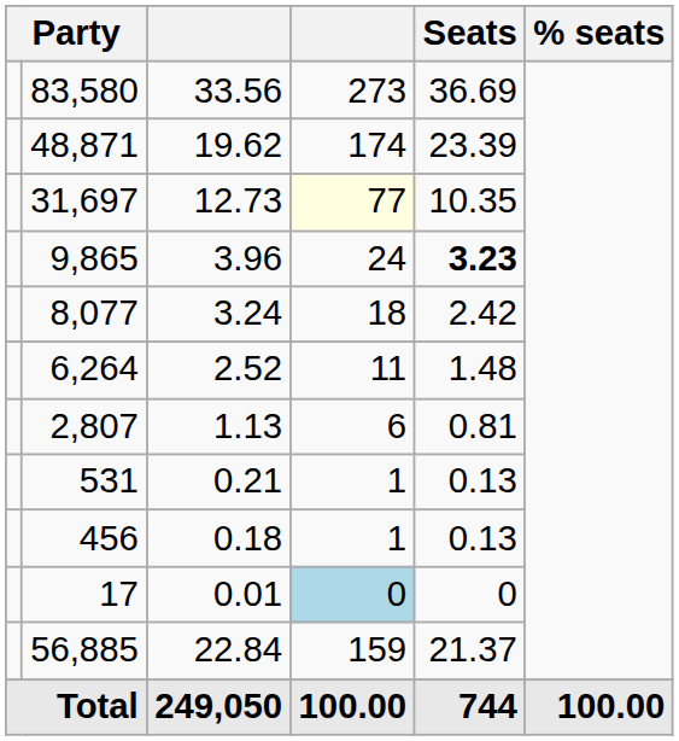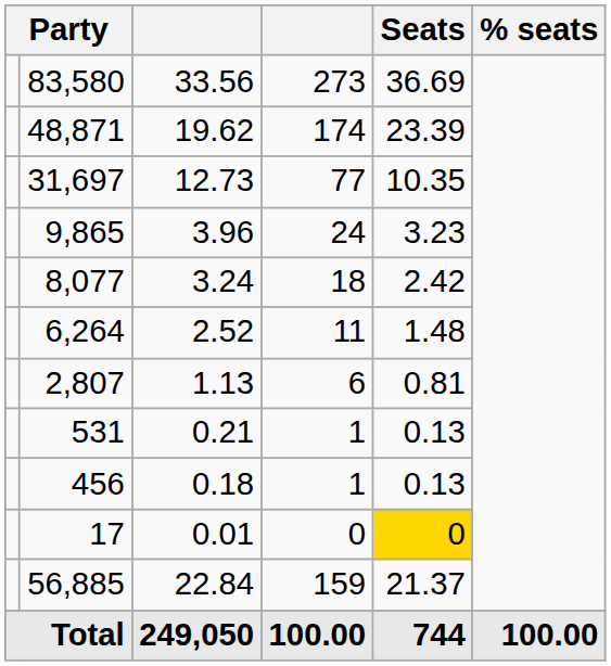 <table class="wikitable sortable" style="text-align: right;">
 <tr>
 <th colspan="2">Party</th>
 <th data-sort-type="number"></th>
 <th data-sort-type="number"></th>
 <th data-sort-type="number">Seats</th>
 <th data-sort-type="number">% seats</th>
 </tr>
 <tr>
 <td></td>
 <td>83,580</td>
 <td>33.56</td>
 <td>273</td>
 <td>36.69</td>
 </tr>
 <tr>
 <td></td>
 <td>48,871</td>
 <td>19.62</td>
 <td>174</td>
 <td>23.39</td>
 </tr>
 <tr>
 <td></td>
 <td>31,697</td>
 <td>12.73</td>
-<td style="background: lightyellow;">77</td>
+<td>77</td>
 <td>10.35</td>
 </tr>
 <tr>
 <td></td>
 <td>9,865</td>
 <td>3.96</td>
 <td>24</td>
-<td><strong>3.23</strong></td>
+<td>3.23</td>
 </tr>
 <tr>
 <td></td>
 <td>8,077</td>
 <td>3.24</td>
 <td>18</td>
 <td>2.42</td>
 </tr>
 <tr>
 <td></td>
 <td>6,264</td>
 <td>2.52</td>
 <td>11</td>
 <td>1.48</td>
 </tr>
 <tr>
 <td></td>
 <td>2,807</td>
 <td>1.13</td>
 <td>6</td>
 <td>0.81</td>
 </tr>
 <tr>
 <td></td>
 <td>531</td>
 <td>0.21</td>
 <td>1</td>
 <td>0.13</td>
 </tr>
 <tr>
 <td></td>
 <td>456</td>
 <td>0.18</td>
 <td>1</td>
 <td>0.13</td>
 </tr>
 <tr>
 <td></td>
 <td>17</td>
 <td>0.01</td>
-<td style="background: lightblue;">0</td>
 <td>0</td>
+<td style="background: gold;">0</td>
 </tr>
 <tr>
 <td></td>
 <td>56,885</td>
 <td>22.84</td>
 <td>159</td>
 <td>21.37</td>
 </tr>
 <tr style="font-weight:bold; background:rgb(232,232,232);">
 <td colspan="2">Total</td>
 <td style="text-align: right;">249,050</td>
 <td style="text-align: right;">100.00</td>
 <td style="text-align: right;">744</td>
 <td style="text-align: right;">100.00</td>
 </tr>
 </table>
